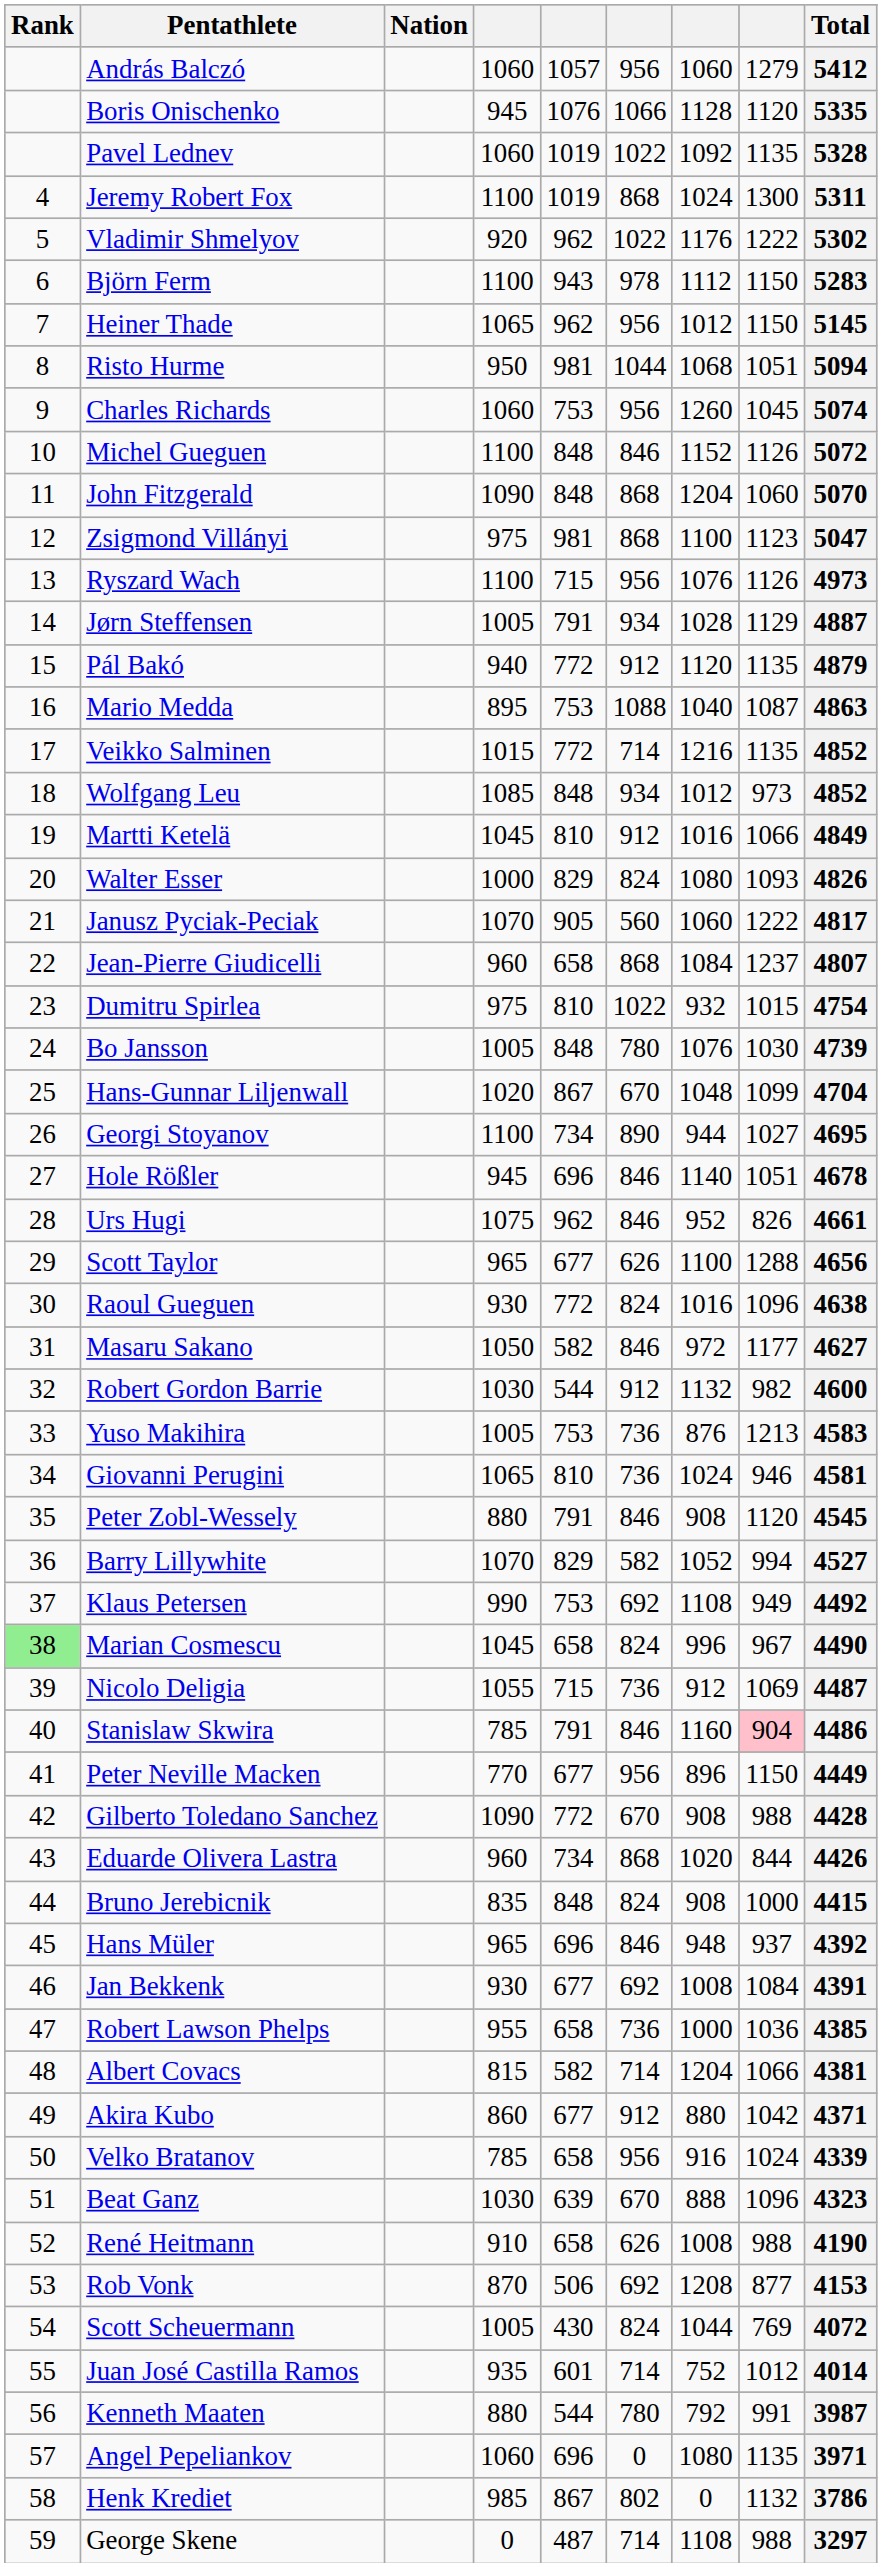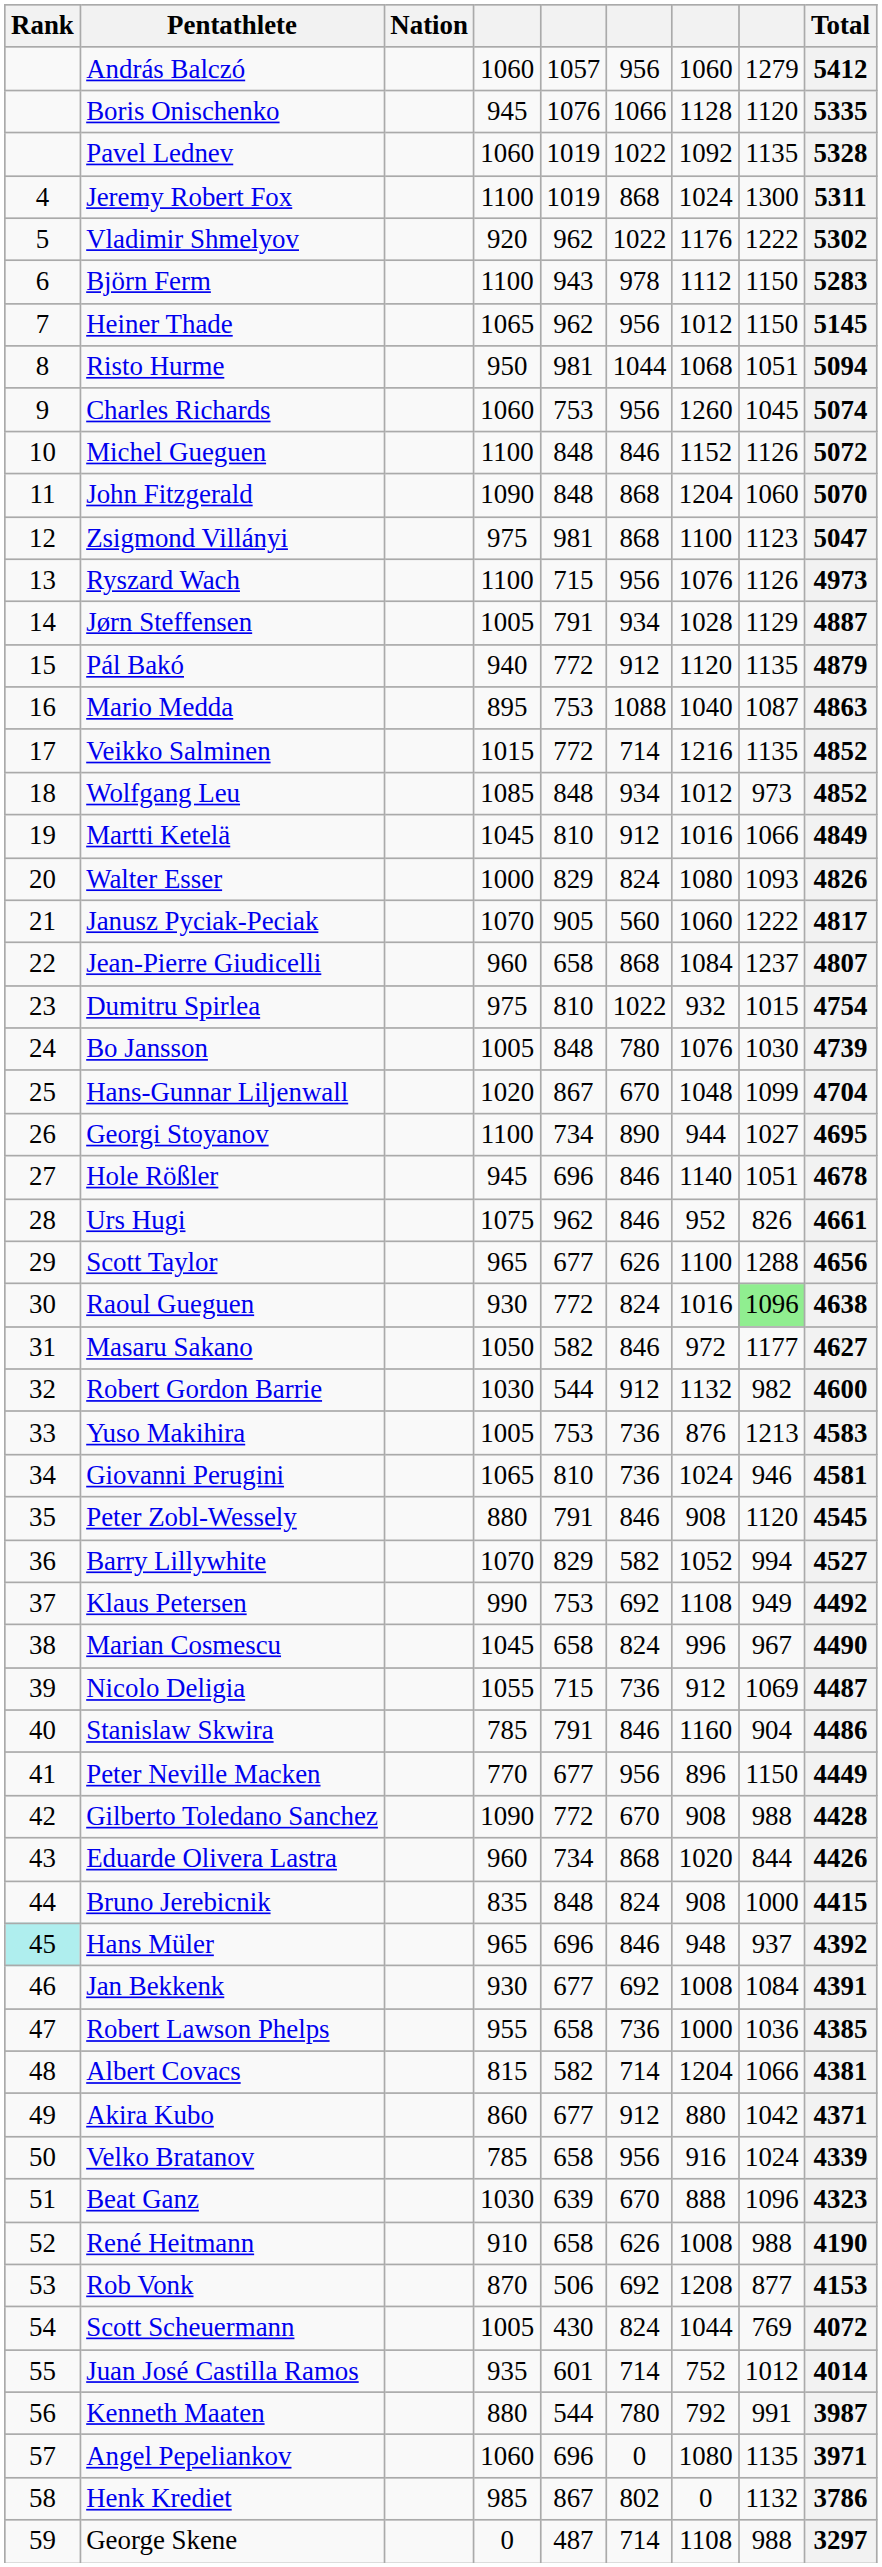 <table class="wikitable sortable" style="text-align:center">
 <tr>
 <th>Rank</th>
 <th>Pentathlete</th>
 <th>Nation</th>
 <th></th>
 <th></th>
 <th></th>
 <th></th>
 <th></th>
 <th>Total</th>
 </tr>
 <tr>
 <td></td>
 <td align=left data-sort-value="Balczó, András"><a href='#'>András Balczó</a></td>
 <td align=left></td>
 <td>1060</td>
 <td>1057</td>
 <td>956</td>
 <td>1060</td>
 <td>1279</td>
 <th>5412</th>
 </tr>
 <tr>
 <td></td>
 <td align=left data-sort-value="Onischenko, Boris"><a href='#'>Boris Onischenko</a></td>
 <td align=left></td>
 <td>945</td>
 <td>1076</td>
 <td>1066</td>
 <td>1128</td>
 <td>1120</td>
 <th>5335</th>
 </tr>
 <tr>
 <td></td>
 <td align=left data-sort-value="Lednev, Pavel"><a href='#'>Pavel Lednev</a></td>
 <td align=left></td>
 <td>1060</td>
 <td>1019</td>
 <td>1022</td>
 <td>1092</td>
 <td>1135</td>
 <th>5328</th>
 </tr>
 <tr>
 <td>4</td>
 <td align=left data-sort-value="Fox, Jeremy Robert"><a href='#'>Jeremy Robert Fox</a></td>
 <td align=left></td>
 <td>1100</td>
 <td>1019</td>
 <td>868</td>
 <td>1024</td>
 <td>1300</td>
 <th>5311</th>
 </tr>
 <tr>
 <td>5</td>
 <td align=left data-sort-value="Shmelyov, Vladimir"><a href='#'>Vladimir Shmelyov</a></td>
 <td align=left></td>
 <td>920</td>
 <td>962</td>
 <td>1022</td>
 <td>1176</td>
 <td>1222</td>
 <th>5302</th>
 </tr>
 <tr>
 <td>6</td>
 <td align=left data-sort-value="Ferm, Björn"><a href='#'>Björn Ferm</a></td>
 <td align=left></td>
 <td>1100</td>
 <td>943</td>
 <td>978</td>
 <td>1112</td>
 <td>1150</td>
 <th>5283</th>
 </tr>
 <tr>
 <td>7</td>
 <td align=left data-sort-value="Thade, Heiner"><a href='#'>Heiner Thade</a></td>
 <td align=left></td>
 <td>1065</td>
 <td>962</td>
 <td>956</td>
 <td>1012</td>
 <td>1150</td>
 <th>5145</th>
 </tr>
 <tr>
 <td>8</td>
 <td align=left data-sort-value="Hurme, Risto"><a href='#'>Risto Hurme</a></td>
 <td align=left></td>
 <td>950</td>
 <td>981</td>
 <td>1044</td>
 <td>1068</td>
 <td>1051</td>
 <th>5094</th>
 </tr>
 <tr>
 <td>9</td>
 <td align=left data-sort-value="Richards, Charles"><a href='#'>Charles Richards</a></td>
 <td align=left></td>
 <td>1060</td>
 <td>753</td>
 <td>956</td>
 <td>1260</td>
 <td>1045</td>
 <th>5074</th>
 </tr>
 <tr>
 <td>10</td>
 <td align=left data-sort-value="Gueguen, Michel"><a href='#'>Michel Gueguen</a></td>
 <td align=left></td>
 <td>1100</td>
 <td>848</td>
 <td>846</td>
 <td>1152</td>
 <td>1126</td>
 <th>5072</th>
 </tr>
 <tr>
 <td>11</td>
 <td align=left data-sort-value="Fitzgerald, John"><a href='#'>John Fitzgerald</a></td>
 <td align=left></td>
 <td>1090</td>
 <td>848</td>
 <td>868</td>
 <td>1204</td>
 <td>1060</td>
 <th>5070</th>
 </tr>
 <tr>
 <td>12</td>
 <td align=left data-sort-value="Villányi, Zsigmond"><a href='#'>Zsigmond Villányi</a></td>
 <td align=left></td>
 <td>975</td>
 <td>981</td>
 <td>868</td>
 <td>1100</td>
 <td>1123</td>
 <th>5047</th>
 </tr>
 <tr>
 <td>13</td>
 <td align=left data-sort-value="Wach, Ryszard"><a href='#'>Ryszard Wach</a></td>
 <td align=left></td>
 <td>1100</td>
 <td>715</td>
 <td>956</td>
 <td>1076</td>
 <td>1126</td>
 <th>4973</th>
 </tr>
 <tr>
 <td>14</td>
 <td align=left data-sort-value="Steffensen, Jørn"><a href='#'>Jørn Steffensen</a></td>
 <td align=left></td>
 <td>1005</td>
 <td>791</td>
 <td>934</td>
 <td>1028</td>
 <td>1129</td>
 <th>4887</th>
 </tr>
 <tr>
 <td>15</td>
 <td align=left data-sort-value="Bakó, Pál"><a href='#'>Pál Bakó</a></td>
 <td align=left></td>
 <td>940</td>
 <td>772</td>
 <td>912</td>
 <td>1120</td>
 <td>1135</td>
 <th>4879</th>
 </tr>
 <tr>
 <td>16</td>
 <td align=left data-sort-value="Medda, Mario"><a href='#'>Mario Medda</a></td>
 <td align=left></td>
 <td>895</td>
 <td>753</td>
 <td>1088</td>
 <td>1040</td>
 <td>1087</td>
 <th>4863</th>
 </tr>
 <tr>
 <td>17</td>
 <td align=left data-sort-value="Salminen, Veikko"><a href='#'>Veikko Salminen</a></td>
 <td align=left></td>
 <td>1015</td>
 <td>772</td>
 <td>714</td>
 <td>1216</td>
 <td>1135</td>
 <th>4852</th>
 </tr>
 <tr>
 <td>18</td>
 <td align=left data-sort-value="Leu, Wolfgang"><a href='#'>Wolfgang Leu</a></td>
 <td align=left></td>
 <td>1085</td>
 <td>848</td>
 <td>934</td>
 <td>1012</td>
 <td>973</td>
 <th>4852</th>
 </tr>
 <tr>
 <td>19</td>
 <td align=left data-sort-value="Ketelä, Martti"><a href='#'>Martti Ketelä</a></td>
 <td align=left></td>
 <td>1045</td>
 <td>810</td>
 <td>912</td>
 <td>1016</td>
 <td>1066</td>
 <th>4849</th>
 </tr>
 <tr>
 <td>20</td>
 <td align=left data-sort-value="Esser, Walter"><a href='#'>Walter Esser</a></td>
 <td align=left></td>
 <td>1000</td>
 <td>829</td>
 <td>824</td>
 <td>1080</td>
 <td>1093</td>
 <th>4826</th>
 </tr>
 <tr>
 <td>21</td>
 <td align=left data-sort-value="Pyciak-Peciak, Janusz"><a href='#'>Janusz Pyciak-Peciak</a></td>
 <td align=left></td>
 <td>1070</td>
 <td>905</td>
 <td>560</td>
 <td>1060</td>
 <td>1222</td>
 <th>4817</th>
 </tr>
 <tr>
 <td>22</td>
 <td align=left data-sort-value="Giudicelli, Jean-Pierre"><a href='#'>Jean-Pierre Giudicelli</a></td>
 <td align=left></td>
 <td>960</td>
 <td>658</td>
 <td>868</td>
 <td>1084</td>
 <td>1237</td>
 <th>4807</th>
 </tr>
 <tr>
 <td>23</td>
 <td align=left data-sort-value="Spirlea, Dumitru"><a href='#'>Dumitru Spirlea</a></td>
 <td align=left></td>
 <td>975</td>
 <td>810</td>
 <td>1022</td>
 <td>932</td>
 <td>1015</td>
 <th>4754</th>
 </tr>
 <tr>
 <td>24</td>
 <td align=left data-sort-value="Jansson, Bo"><a href='#'>Bo Jansson</a></td>
 <td align=left></td>
 <td>1005</td>
 <td>848</td>
 <td>780</td>
 <td>1076</td>
 <td>1030</td>
 <th>4739</th>
 </tr>
 <tr>
 <td>25</td>
 <td align=left data-sort-value="Liljenwall, Hans-Gunnar"><a href='#'>Hans-Gunnar Liljenwall</a></td>
 <td align=left></td>
 <td>1020</td>
 <td>867</td>
 <td>670</td>
 <td>1048</td>
 <td>1099</td>
 <th>4704</th>
 </tr>
 <tr>
 <td>26</td>
 <td align=left data-sort-value="Stoyanov, Georgi"><a href='#'>Georgi Stoyanov</a></td>
 <td align=left></td>
 <td>1100</td>
 <td>734</td>
 <td>890</td>
 <td>944</td>
 <td>1027</td>
 <th>4695</th>
 </tr>
 <tr>
 <td>27</td>
 <td align=left data-sort-value="Rößler, Hole"><a href='#'>Hole Rößler</a></td>
 <td align=left></td>
 <td>945</td>
 <td>696</td>
 <td>846</td>
 <td>1140</td>
 <td>1051</td>
 <th>4678</th>
 </tr>
 <tr>
 <td>28</td>
 <td align=left data-sort-value="Hugi, Urs"><a href='#'>Urs Hugi</a></td>
 <td align=left></td>
 <td>1075</td>
 <td>962</td>
 <td>846</td>
 <td>952</td>
 <td>826</td>
 <th>4661</th>
 </tr>
 <tr>
 <td>29</td>
 <td align=left data-sort-value="Taylor, Scott"><a href='#'>Scott Taylor</a></td>
 <td align=left></td>
 <td>965</td>
 <td>677</td>
 <td>626</td>
 <td>1100</td>
 <td>1288</td>
 <th>4656</th>
 </tr>
 <tr>
 <td>30</td>
 <td align=left data-sort-value="Gueguen, Raoul"><a href='#'>Raoul Gueguen</a></td>
 <td align=left></td>
 <td>930</td>
 <td>772</td>
 <td>824</td>
 <td>1016</td>
-<td>1096</td>
+<td style="background: lightgreen;">1096</td>
 <th>4638</th>
 </tr>
 <tr>
 <td>31</td>
 <td align=left data-sort-value="Sakano, Masaru"><a href='#'>Masaru Sakano</a></td>
 <td align=left></td>
 <td>1050</td>
 <td>582</td>
 <td>846</td>
 <td>972</td>
 <td>1177</td>
 <th>4627</th>
 </tr>
 <tr>
 <td>32</td>
 <td align=left data-sort-value="Barrie, Robert Gordon"><a href='#'>Robert Gordon Barrie</a></td>
 <td align=left></td>
 <td>1030</td>
 <td>544</td>
 <td>912</td>
 <td>1132</td>
 <td>982</td>
 <th>4600</th>
 </tr>
 <tr>
 <td>33</td>
 <td align=left data-sort-value="Makihira, Yuso"><a href='#'>Yuso Makihira</a></td>
 <td align=left></td>
 <td>1005</td>
 <td>753</td>
 <td>736</td>
 <td>876</td>
 <td>1213</td>
 <th>4583</th>
 </tr>
 <tr>
 <td>34</td>
 <td align=left data-sort-value="Perugini, Giovanni"><a href='#'>Giovanni Perugini</a></td>
 <td align=left></td>
 <td>1065</td>
 <td>810</td>
 <td>736</td>
 <td>1024</td>
 <td>946</td>
 <th>4581</th>
 </tr>
 <tr>
 <td>35</td>
 <td align=left data-sort-value="Zobl-Wessely, Peter"><a href='#'>Peter Zobl-Wessely</a></td>
 <td align=left></td>
 <td>880</td>
 <td>791</td>
 <td>846</td>
 <td>908</td>
 <td>1120</td>
 <th>4545</th>
 </tr>
 <tr>
 <td>36</td>
 <td align=left data-sort-value="Lillywhite, Barry"><a href='#'>Barry Lillywhite</a></td>
 <td align=left></td>
 <td>1070</td>
 <td>829</td>
 <td>582</td>
 <td>1052</td>
 <td>994</td>
 <th>4527</th>
 </tr>
 <tr>
 <td>37</td>
 <td align=left data-sort-value="Petersen, Klaus"><a href='#'>Klaus Petersen</a></td>
 <td align=left></td>
 <td>990</td>
 <td>753</td>
 <td>692</td>
 <td>1108</td>
 <td>949</td>
 <th>4492</th>
 </tr>
 <tr>
-<td style="background: lightgreen;">38</td>
+<td>38</td>
 <td align=left data-sort-value="Cosmescu, Marian"><a href='#'>Marian Cosmescu</a></td>
 <td align=left></td>
 <td>1045</td>
 <td>658</td>
 <td>824</td>
 <td>996</td>
 <td>967</td>
 <th>4490</th>
 </tr>
 <tr>
 <td>39</td>
 <td align=left data-sort-value="Deligia, Nicolo"><a href='#'>Nicolo Deligia</a></td>
 <td align=left></td>
 <td>1055</td>
 <td>715</td>
 <td>736</td>
 <td>912</td>
 <td>1069</td>
 <th>4487</th>
 </tr>
 <tr>
 <td>40</td>
 <td align=left data-sort-value="Skwira, Stanislaw"><a href='#'>Stanislaw Skwira</a></td>
 <td align=left></td>
 <td>785</td>
 <td>791</td>
 <td>846</td>
 <td>1160</td>
-<td style="background: pink;">904</td>
+<td>904</td>
 <th>4486</th>
 </tr>
 <tr>
 <td>41</td>
 <td align=left data-sort-value="Macken, Peter Neville"><a href='#'>Peter Neville Macken</a></td>
 <td align=left></td>
 <td>770</td>
 <td>677</td>
 <td>956</td>
 <td>896</td>
 <td>1150</td>
 <th>4449</th>
 </tr>
 <tr>
 <td>42</td>
 <td align=left data-sort-value="Toledano Sanchez, Gilberto"><a href='#'>Gilberto Toledano Sanchez</a></td>
 <td align=left></td>
 <td>1090</td>
 <td>772</td>
 <td>670</td>
 <td>908</td>
 <td>988</td>
 <th>4428</th>
 </tr>
 <tr>
 <td>43</td>
 <td align=left data-sort-value="Olivera Lastra, Eduarde"><a href='#'>Eduarde Olivera Lastra</a></td>
 <td align=left></td>
 <td>960</td>
 <td>734</td>
 <td>868</td>
 <td>1020</td>
 <td>844</td>
 <th>4426</th>
 </tr>
 <tr>
 <td>44</td>
 <td align=left data-sort-value="Jerebicnik, Bruno"><a href='#'>Bruno Jerebicnik</a></td>
 <td align=left></td>
 <td>835</td>
 <td>848</td>
 <td>824</td>
 <td>908</td>
 <td>1000</td>
 <th>4415</th>
 </tr>
 <tr>
-<td>45</td>
+<td style="background: paleturquoise;">45</td>
 <td align=left data-sort-value="Müler, Hans"><a href='#'>Hans Müler</a></td>
 <td align=left></td>
 <td>965</td>
 <td>696</td>
 <td>846</td>
 <td>948</td>
 <td>937</td>
 <th>4392</th>
 </tr>
 <tr>
 <td>46</td>
 <td align=left data-sort-value="Bekkenk, Jan"><a href='#'>Jan Bekkenk</a></td>
 <td align=left></td>
 <td>930</td>
 <td>677</td>
 <td>692</td>
 <td>1008</td>
 <td>1084</td>
 <th>4391</th>
 </tr>
 <tr>
 <td>47</td>
 <td align=left data-sort-value="Phelps, Robert Lawson"><a href='#'>Robert Lawson Phelps</a></td>
 <td align=left></td>
 <td>955</td>
 <td>658</td>
 <td>736</td>
 <td>1000</td>
 <td>1036</td>
 <th>4385</th>
 </tr>
 <tr>
 <td>48</td>
 <td align=left data-sort-value="Covacs, Albert"><a href='#'>Albert Covacs</a></td>
 <td align=left></td>
 <td>815</td>
 <td>582</td>
 <td>714</td>
 <td>1204</td>
 <td>1066</td>
 <th>4381</th>
 </tr>
 <tr>
 <td>49</td>
 <td align=left data-sort-value="Kubo, Akira"><a href='#'>Akira Kubo</a></td>
 <td align=left></td>
 <td>860</td>
 <td>677</td>
 <td>912</td>
 <td>880</td>
 <td>1042</td>
 <th>4371</th>
 </tr>
 <tr>
 <td>50</td>
 <td align=left data-sort-value="Bratanov, Velko"><a href='#'>Velko Bratanov</a></td>
 <td align=left></td>
 <td>785</td>
 <td>658</td>
 <td>956</td>
 <td>916</td>
 <td>1024</td>
 <th>4339</th>
 </tr>
 <tr>
 <td>51</td>
 <td align=left data-sort-value="Ganz, Beat"><a href='#'>Beat Ganz</a></td>
 <td align=left></td>
 <td>1030</td>
 <td>639</td>
 <td>670</td>
 <td>888</td>
 <td>1096</td>
 <th>4323</th>
 </tr>
 <tr>
 <td>52</td>
 <td align=left data-sort-value="Heitmann, René"><a href='#'>René Heitmann</a></td>
 <td align=left></td>
 <td>910</td>
 <td>658</td>
 <td>626</td>
 <td>1008</td>
 <td>988</td>
 <th>4190</th>
 </tr>
 <tr>
 <td>53</td>
 <td align=left data-sort-value="Vonk, Rob"><a href='#'>Rob Vonk</a></td>
 <td align=left></td>
 <td>870</td>
 <td>506</td>
 <td>692</td>
 <td>1208</td>
 <td>877</td>
 <th>4153</th>
 </tr>
 <tr>
 <td>54</td>
 <td align=left data-sort-value="Scheuermann, Scott"><a href='#'>Scott Scheuermann</a></td>
 <td align=left></td>
 <td>1005</td>
 <td>430</td>
 <td>824</td>
 <td>1044</td>
 <td>769</td>
 <th>4072</th>
 </tr>
 <tr>
 <td>55</td>
 <td align=left data-sort-value="Castilla Ramos, Juan José"><a href='#'>Juan José Castilla Ramos</a></td>
 <td align=left></td>
 <td>935</td>
 <td>601</td>
 <td>714</td>
 <td>752</td>
 <td>1012</td>
 <th>4014</th>
 </tr>
 <tr>
 <td>56</td>
 <td align=left data-sort-value="Maaten, Kenneth"><a href='#'>Kenneth Maaten</a></td>
 <td align=left></td>
 <td>880</td>
 <td>544</td>
 <td>780</td>
 <td>792</td>
 <td>991</td>
 <th>3987</th>
 </tr>
 <tr>
 <td>57</td>
 <td align=left data-sort-value="Pepeliankov, Angel"><a href='#'>Angel Pepeliankov</a></td>
 <td align=left></td>
 <td>1060</td>
 <td>696</td>
 <td>0</td>
 <td>1080</td>
 <td>1135</td>
 <th>3971</th>
 </tr>
 <tr>
 <td>58</td>
 <td align=left data-sort-value="Krediet, Henk"><a href='#'>Henk Krediet</a></td>
 <td align=left></td>
 <td>985</td>
 <td>867</td>
 <td>802</td>
 <td>0</td>
 <td>1132</td>
 <th>3786</th>
 </tr>
 <tr>
 <td>59</td>
 <td align=left data-sort-value="Skene, George">George Skene</td>
 <td align=left></td>
 <td>0</td>
 <td>487</td>
 <td>714</td>
 <td>1108</td>
 <td>988</td>
 <th>3297</th>
 </tr>
 </table>
